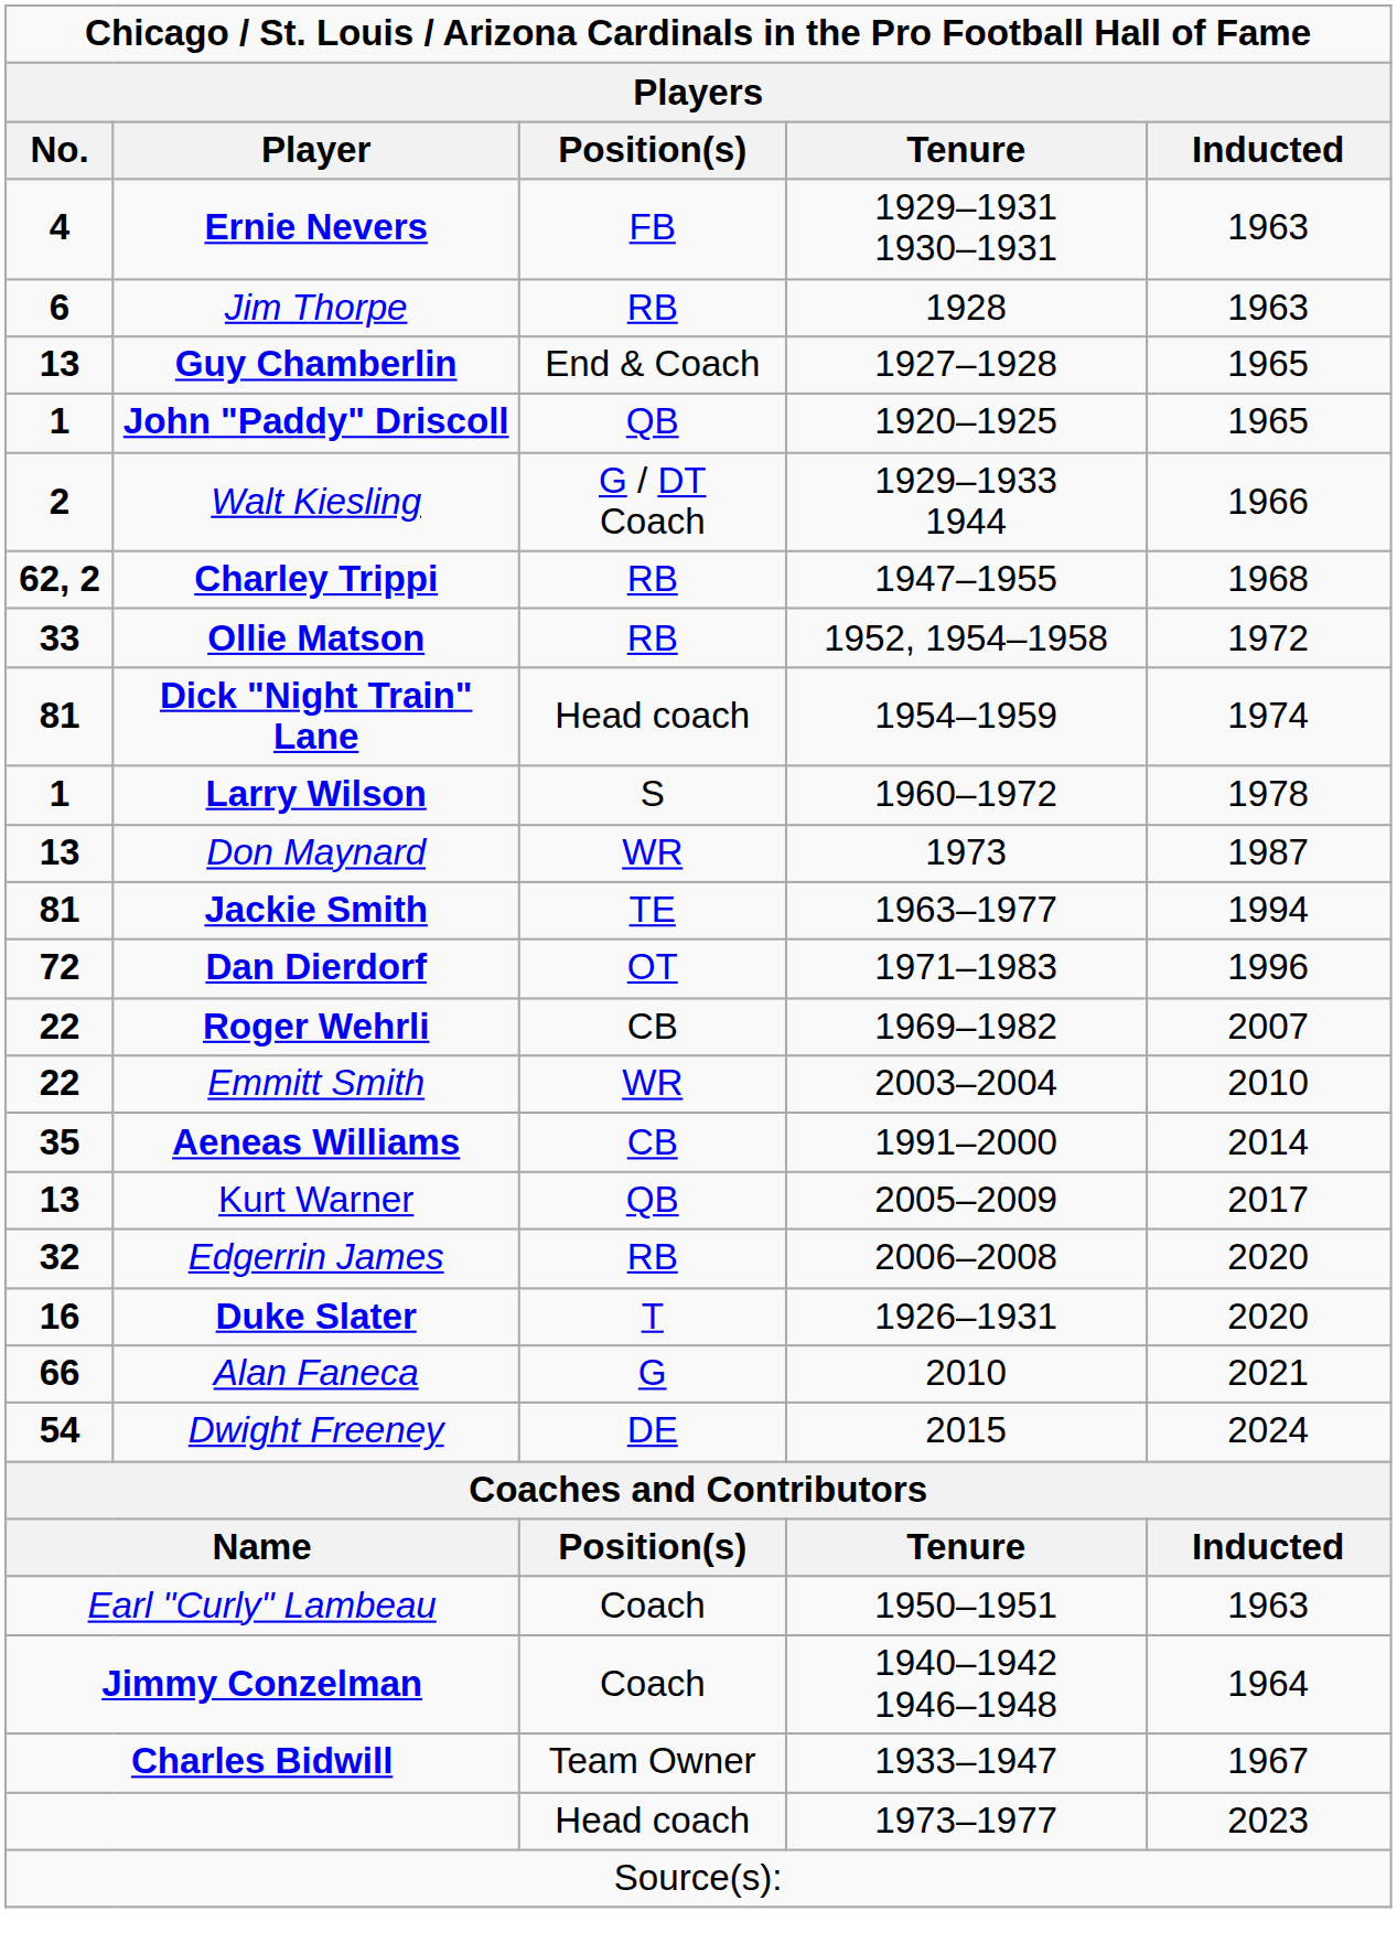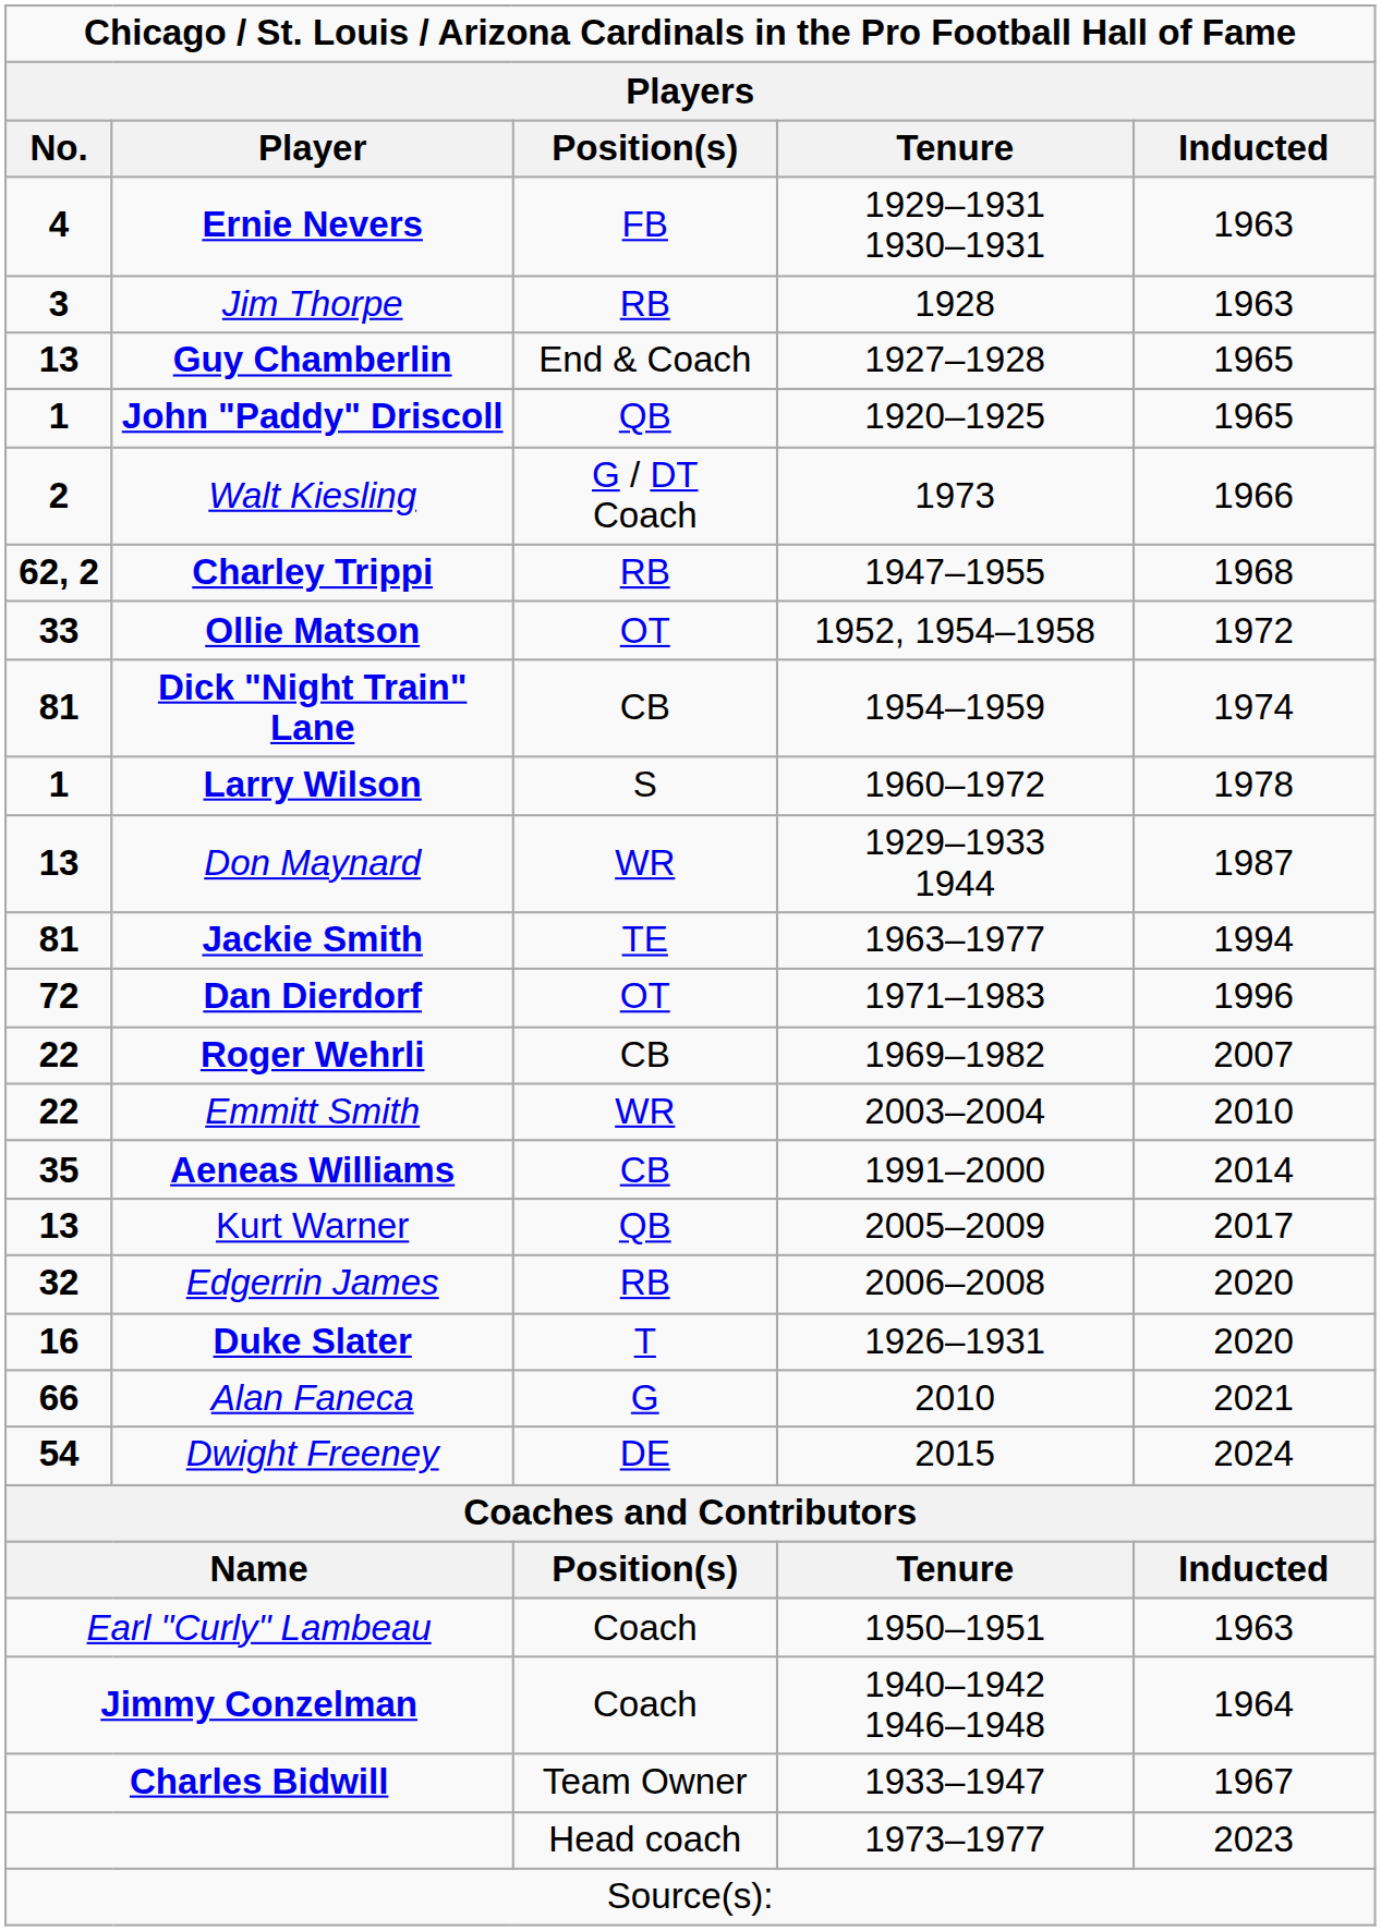 <table class="wikitable" style="text-align:center">
 <tr>
 <td colspan="5"><strong>Chicago / St. Louis / Arizona Cardinals in the Pro Football Hall of Fame</strong></td>
 </tr>
 <tr>
 <th colspan="5"><strong>Players</strong></th>
 </tr>
 <tr>
 <th style="width:40px;">No.</th>
 <th style="width:170px;">Player</th>
 <th style="width:110px;">Position(s)</th>
 <th style="width:150px;">Tenure</th>
 <th style="width:100px;">Inducted</th>
 </tr>
 <tr>
 <td><strong>4</strong></td>
 <td><strong><a href='#'>Ernie Nevers</a></strong></td>
 <td><a href='#'>FB</a></td>
 <td>1929–1931<br>1930–1931</td>
 <td>1963</td>
 </tr>
 <tr>
-<td><strong>6</strong></td>
+<td><strong>3</strong></td>
 <td><em><a href='#'>Jim Thorpe</a></em></td>
 <td><a href='#'>RB</a></td>
 <td>1928</td>
 <td>1963</td>
 </tr>
 <tr>
 <td><strong>13</strong></td>
 <td><strong><a href='#'>Guy Chamberlin</a></strong></td>
 <td>End & Coach</td>
 <td>1927–1928</td>
 <td>1965</td>
 </tr>
 <tr>
 <td><strong>1</strong></td>
 <td><strong><a href='#'>John "Paddy" Driscoll</a></strong></td>
 <td><a href='#'>QB</a></td>
 <td>1920–1925</td>
 <td>1965</td>
 </tr>
 <tr>
 <td><strong>2</strong></td>
 <td><em><a href='#'>Walt Kiesling</a></em></td>
 <td><a href='#'>G</a> / <a href='#'>DT</a><br>Coach</td>
-<td>1929–1933<br>1944</td>
+<td>1973</td>
 <td>1966</td>
 </tr>
 <tr>
 <td><strong>62, 2</strong></td>
 <td><strong><a href='#'>Charley Trippi</a></strong></td>
 <td><a href='#'>RB</a></td>
 <td>1947–1955</td>
 <td>1968</td>
 </tr>
 <tr>
 <td><strong>33</strong></td>
 <td><strong><a href='#'>Ollie Matson</a></strong></td>
-<td><a href='#'>RB</a></td>
+<td><a href='#'>OT</a></td>
 <td>1952, 1954–1958</td>
 <td>1972</td>
 </tr>
 <tr>
 <td><strong>81</strong></td>
 <td><strong><a href='#'>Dick "Night Train" Lane</a></strong></td>
-<td>Head coach</td>
+<td Cornerback>CB</td>
 <td>1954–1959</td>
 <td>1974</td>
 </tr>
 <tr>
 <td><strong>1</strong></td>
 <td><strong><a href='#'>Larry Wilson</a></strong></td>
 <td Safety>S</td>
 <td>1960–1972</td>
 <td>1978</td>
 </tr>
 <tr>
 <td><strong>13</strong></td>
 <td><em><a href='#'>Don Maynard</a></em></td>
 <td><a href='#'>WR</a></td>
-<td>1973</td>
+<td>1929–1933<br>1944</td>
 <td>1987</td>
 </tr>
 <tr>
 <td><strong>81</strong></td>
 <td><strong><a href='#'>Jackie Smith</a></strong></td>
 <td><a href='#'>TE</a></td>
 <td>1963–1977</td>
 <td>1994</td>
 </tr>
 <tr>
 <td><strong>72</strong></td>
 <td><strong><a href='#'>Dan Dierdorf</a></strong></td>
 <td><a href='#'>OT</a></td>
 <td>1971–1983</td>
 <td>1996</td>
 </tr>
 <tr>
 <td><strong>22</strong></td>
 <td><strong><a href='#'>Roger Wehrli</a></strong></td>
 <td Cornerback>CB</td>
 <td>1969–1982</td>
 <td>2007</td>
 </tr>
 <tr>
 <td><strong>22</strong></td>
 <td><em><a href='#'>Emmitt Smith</a></em></td>
 <td><a href='#'>WR</a></td>
 <td>2003–2004</td>
 <td>2010</td>
 </tr>
 <tr>
 <td><strong>35</strong></td>
 <td><strong><a href='#'>Aeneas Williams</a></strong></td>
 <td><a href='#'>CB</a></td>
 <td>1991–2000</td>
 <td>2014</td>
 </tr>
 <tr>
 <td><strong>13</strong></td>
 <td><a href='#'>Kurt Warner</a></td>
 <td><a href='#'>QB</a></td>
 <td>2005–2009</td>
 <td>2017</td>
 </tr>
 <tr>
 <td><strong>32</strong></td>
 <td><em><a href='#'>Edgerrin James</a></em></td>
 <td><a href='#'>RB</a></td>
 <td>2006–2008</td>
 <td>2020</td>
 </tr>
 <tr>
 <td><strong>16</strong></td>
 <td><strong><a href='#'>Duke Slater</a></strong></td>
 <td><a href='#'>T</a></td>
 <td>1926–1931</td>
 <td>2020</td>
 </tr>
 <tr>
 <td><strong>66</strong></td>
 <td><em><a href='#'>Alan Faneca</a></em></td>
 <td><a href='#'>G</a></td>
 <td>2010</td>
 <td>2021</td>
 </tr>
 <tr>
 <td><strong>54</strong></td>
 <td><em><a href='#'>Dwight Freeney</a></em></td>
 <td><a href='#'>DE</a></td>
 <td>2015</td>
 <td>2024</td>
 </tr>
 <tr>
 <th colspan="5"><strong>Coaches and Contributors</strong></th>
 </tr>
 <tr>
 <th style="width:130px;" colspan=2>Name</th>
 <th style="width:110px;">Position(s)</th>
 <th style="width:150px;">Tenure</th>
 <th style="width:100px;">Inducted</th>
 </tr>
 <tr>
 <td colspan=2><em><a href='#'>Earl "Curly" Lambeau</a></em></td>
 <td>Coach</td>
 <td>1950–1951</td>
 <td>1963</td>
 </tr>
 <tr>
 <td colspan=2><strong><a href='#'>Jimmy Conzelman</a></strong></td>
 <td>Coach</td>
 <td>1940–1942<br>1946–1948</td>
 <td>1964</td>
 </tr>
 <tr>
 <td colspan=2><strong><a href='#'>Charles Bidwill</a></strong></td>
 <td>Team Owner</td>
 <td>1933–1947</td>
 <td>1967</td>
 </tr>
 <tr>
 <td colspan=2><em></em></td>
 <td>Head coach</td>
 <td>1973–1977</td>
 <td>2023</td>
 </tr>
 <tr>
 <td colspan=5>Source(s):</td>
 </tr>
 </table>
